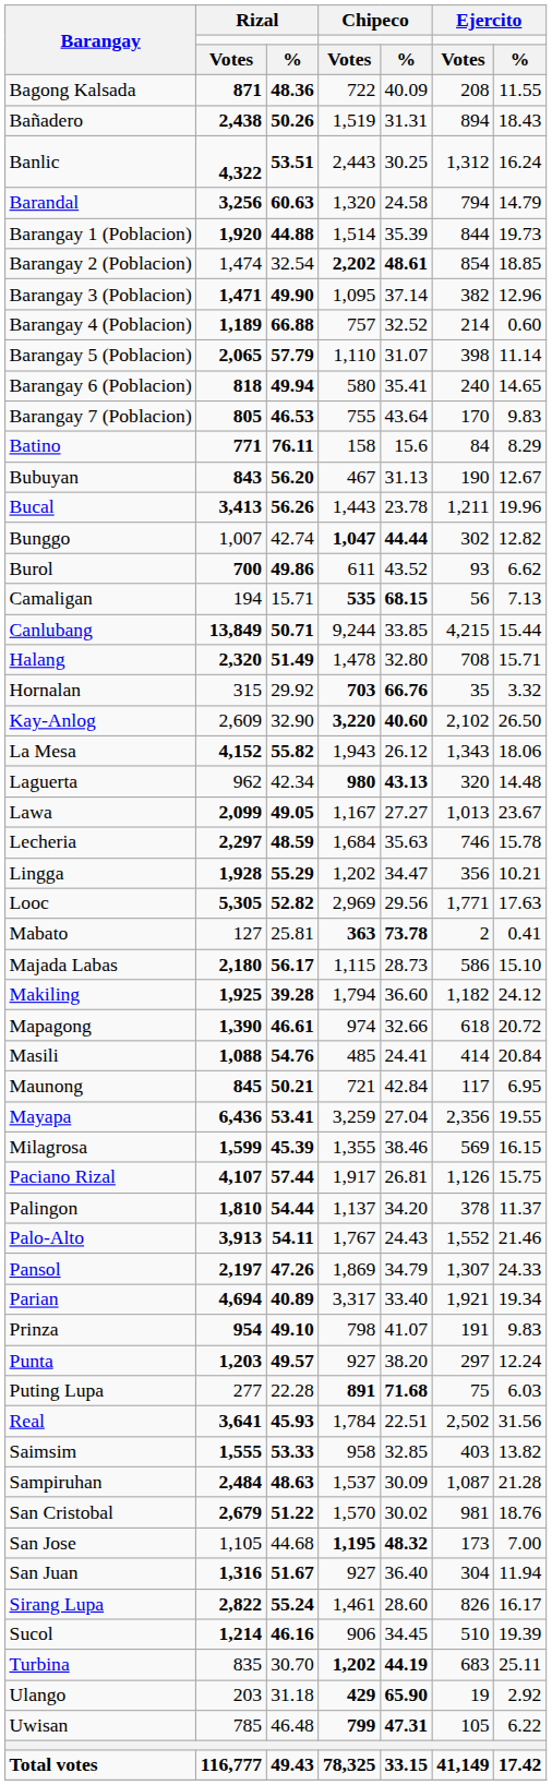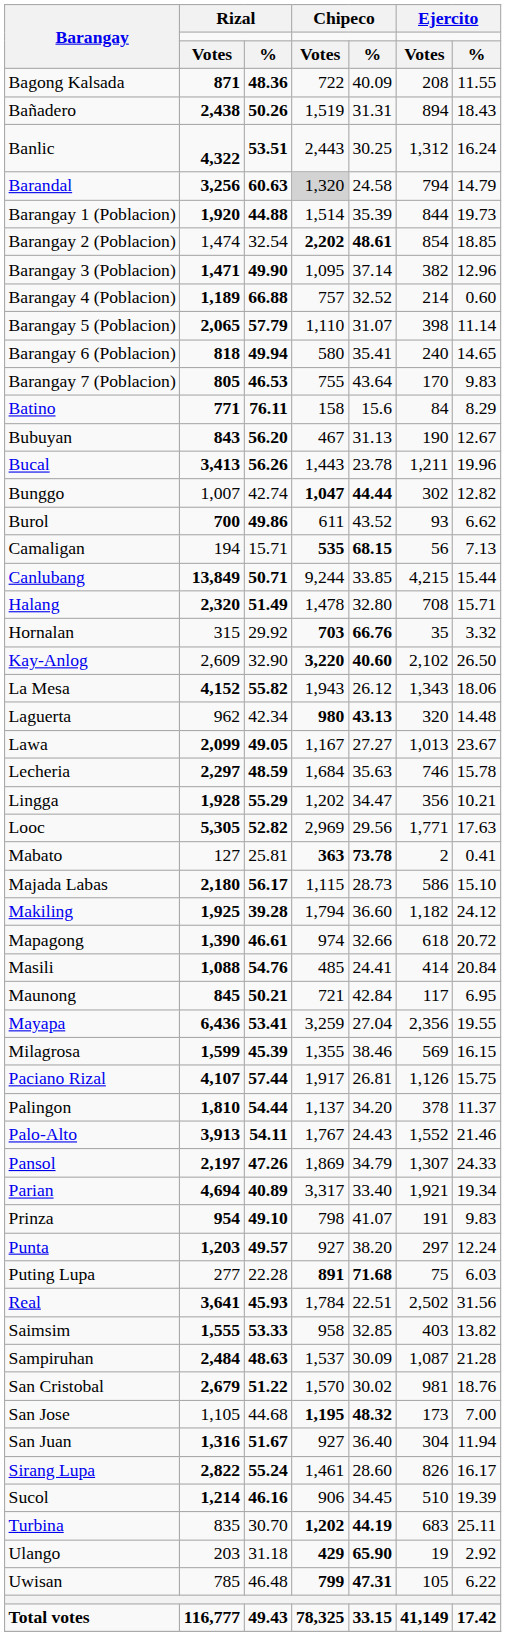 <table class="wikitable" style="text-align:right">
 <tr>
 <th rowspan="3"><a href='#'>Barangay</a></th>
 <th colspan="2">Rizal</th>
 <th colspan="2">Chipeco</th>
 <th colspan="2"><a href='#'>Ejercito</a></th>
 </tr>
 <tr>
 <td colspan="2" style="background:"></td>
 <td colspan="2" style="background:"></td>
 <td colspan="2" style="background:"></td>
 </tr>
 <tr>
 <th>Votes</th>
 <th>%</th>
 <th>Votes</th>
 <th>%</th>
 <th>Votes</th>
 <th>%</th>
 </tr>
 <tr>
 <td align="left">Bagong Kalsada</td>
 <td style="background:"><strong>871</strong></td>
 <td style="background:"><strong>48.36</strong></td>
 <td>722</td>
 <td>40.09</td>
 <td>208</td>
 <td>11.55</td>
 </tr>
 <tr>
 <td align="left">Bañadero</td>
 <td style="background:"><strong>2,438</strong></td>
 <td style="background:"><strong>50.26</strong></td>
 <td>1,519</td>
 <td>31.31</td>
 <td>894</td>
 <td>18.43</td>
 </tr>
 <tr>
 <td align="left">Banlic</td>
 <td style="background:"><br><strong>4,322</strong></td>
 <td style="background:"><strong>53.51</strong></td>
 <td>2,443</td>
 <td>30.25</td>
 <td>1,312</td>
 <td>16.24</td>
 </tr>
 <tr>
 <td align="left"><a href='#'>Barandal</a></td>
 <td style="background:"><strong>3,256</strong></td>
 <td style="background:"><strong>60.63</strong></td>
-<td>1,320</td>
+<td style="background: lightgrey;">1,320</td>
 <td>24.58</td>
 <td>794</td>
 <td>14.79</td>
 </tr>
 <tr>
 <td align="left">Barangay 1 (Poblacion)</td>
 <td style="background:"><strong>1,920</strong></td>
 <td style="background:"><strong>44.88</strong></td>
 <td>1,514</td>
 <td>35.39</td>
 <td>844</td>
 <td>19.73</td>
 </tr>
 <tr>
 <td align="left">Barangay 2 (Poblacion)</td>
 <td>1,474</td>
 <td>32.54</td>
 <td style="background:"><strong>2,202</strong></td>
 <td style="background:"><strong>48.61</strong></td>
 <td>854</td>
 <td>18.85</td>
 </tr>
 <tr>
 <td align="left">Barangay 3 (Poblacion)</td>
 <td style="background:"><strong>1,471</strong></td>
 <td style="background:"><strong>49.90</strong></td>
 <td>1,095</td>
 <td>37.14</td>
 <td>382</td>
 <td>12.96</td>
 </tr>
 <tr>
 <td align="left">Barangay 4 (Poblacion)</td>
 <td style="background:"><strong>1,189</strong></td>
 <td style="background:"><strong>66.88</strong></td>
 <td>757</td>
 <td>32.52</td>
 <td>214</td>
 <td>0.60</td>
 </tr>
 <tr>
 <td align="left">Barangay 5 (Poblacion)</td>
 <td style="background:"><strong>2,065</strong></td>
 <td style="background:"><strong>57.79</strong></td>
 <td>1,110</td>
 <td>31.07</td>
 <td>398</td>
 <td>11.14</td>
 </tr>
 <tr>
 <td align="left">Barangay 6 (Poblacion)</td>
 <td style="background:"><strong>818</strong></td>
 <td style="background:"><strong>49.94</strong></td>
 <td>580</td>
 <td>35.41</td>
 <td>240</td>
 <td>14.65</td>
 </tr>
 <tr>
 <td align="left">Barangay 7 (Poblacion)</td>
 <td style="background:"><strong>805</strong></td>
 <td style="background:"><strong>46.53</strong></td>
 <td>755</td>
 <td>43.64</td>
 <td>170</td>
 <td>9.83</td>
 </tr>
 <tr>
 <td align="left"><a href='#'>Batino</a></td>
 <td style="background:"><strong>771</strong></td>
 <td style="background:"><strong>76.11</strong></td>
 <td>158</td>
 <td>15.6</td>
 <td>84</td>
 <td>8.29</td>
 </tr>
 <tr>
 <td align="left">Bubuyan</td>
 <td style="background:"><strong>843</strong></td>
 <td style="background:"><strong>56.20</strong></td>
 <td>467</td>
 <td>31.13</td>
 <td>190</td>
 <td>12.67</td>
 </tr>
 <tr>
 <td align="left"><a href='#'>Bucal</a></td>
 <td style="background:"><strong>3,413</strong></td>
 <td style="background:"><strong>56.26</strong></td>
 <td>1,443</td>
 <td>23.78</td>
 <td>1,211</td>
 <td>19.96</td>
 </tr>
 <tr>
 <td align="left">Bunggo</td>
 <td>1,007</td>
 <td>42.74</td>
 <td style="background:"><strong>1,047</strong></td>
 <td style="background:"><strong>44.44</strong></td>
 <td>302</td>
 <td>12.82</td>
 </tr>
 <tr>
 <td align="left">Burol</td>
 <td style="background:"><strong>700</strong></td>
 <td style="background:"><strong>49.86</strong></td>
 <td>611</td>
 <td>43.52</td>
 <td>93</td>
 <td>6.62</td>
 </tr>
 <tr>
 <td align="left">Camaligan</td>
 <td>194</td>
 <td>15.71</td>
 <td style="background:"><strong>535</strong></td>
 <td style="background:"><strong>68.15</strong></td>
 <td>56</td>
 <td>7.13</td>
 </tr>
 <tr>
 <td align="left"><a href='#'>Canlubang</a></td>
 <td style="background:"><strong>13,849</strong></td>
 <td style=background:><strong>50.71</strong></td>
 <td>9,244</td>
 <td>33.85</td>
 <td>4,215</td>
 <td>15.44</td>
 </tr>
 <tr>
 <td align="left"><a href='#'>Halang</a></td>
 <td style="background:"><strong>2,320</strong></td>
 <td style="background:"><strong>51.49</strong></td>
 <td>1,478</td>
 <td>32.80</td>
 <td>708</td>
 <td>15.71</td>
 </tr>
 <tr>
 <td align="left">Hornalan</td>
 <td>315</td>
 <td>29.92</td>
 <td style="background:"><strong>703</strong></td>
 <td style="background:"><strong>66.76</strong></td>
 <td>35</td>
 <td>3.32</td>
 </tr>
 <tr>
 <td align="left"><a href='#'>Kay-Anlog</a></td>
 <td>2,609</td>
 <td>32.90</td>
 <td style="background:"><strong>3,220</strong></td>
 <td style="background:"><strong>40.60</strong></td>
 <td>2,102</td>
 <td>26.50</td>
 </tr>
 <tr>
 <td align="left">La Mesa</td>
 <td style="background:"><strong>4,152</strong></td>
 <td style="background:"><strong>55.82</strong></td>
 <td>1,943</td>
 <td>26.12</td>
 <td>1,343</td>
 <td>18.06</td>
 </tr>
 <tr>
 <td align="left">Laguerta</td>
 <td>962</td>
 <td>42.34</td>
 <td style="background:"><strong>980</strong></td>
 <td style="background:"><strong>43.13</strong></td>
 <td>320</td>
 <td>14.48</td>
 </tr>
 <tr>
 <td align="left">Lawa</td>
 <td style="background:"><strong>2,099</strong></td>
 <td style="background:"><strong>49.05</strong></td>
 <td>1,167</td>
 <td>27.27</td>
 <td>1,013</td>
 <td>23.67</td>
 </tr>
 <tr>
 <td align="left">Lecheria</td>
 <td style="background:"><strong>2,297</strong></td>
 <td style="background:"><strong>48.59</strong></td>
 <td>1,684</td>
 <td>35.63</td>
 <td>746</td>
 <td>15.78</td>
 </tr>
 <tr>
 <td align="left">Lingga</td>
 <td style="background:"><strong>1,928</strong></td>
 <td style="background:"><strong>55.29</strong></td>
 <td>1,202</td>
 <td>34.47</td>
 <td>356</td>
 <td>10.21</td>
 </tr>
 <tr>
 <td align="left">Looc</td>
 <td style="background:"><strong>5,305</strong></td>
 <td style="background:"><strong>52.82</strong></td>
 <td>2,969</td>
 <td>29.56</td>
 <td>1,771</td>
 <td>17.63</td>
 </tr>
 <tr>
 <td align="left">Mabato</td>
 <td>127</td>
 <td>25.81</td>
 <td style="background:"><strong>363</strong></td>
 <td style="background:"><strong>73.78</strong></td>
 <td>2</td>
 <td>0.41</td>
 </tr>
 <tr>
 <td align="left">Majada Labas</td>
 <td style="background:"><strong>2,180</strong></td>
 <td style="background:"><strong>56.17</strong></td>
 <td>1,115</td>
 <td>28.73</td>
 <td>586</td>
 <td>15.10</td>
 </tr>
 <tr>
 <td align="left"><a href='#'>Makiling</a></td>
 <td style="background:"><strong>1,925</strong></td>
 <td style="background:"><strong>39.28</strong></td>
 <td>1,794</td>
 <td>36.60</td>
 <td>1,182</td>
 <td>24.12</td>
 </tr>
 <tr>
 <td align="left">Mapagong</td>
 <td style="background:"><strong>1,390</strong></td>
 <td style="background:"><strong>46.61</strong></td>
 <td>974</td>
 <td>32.66</td>
 <td>618</td>
 <td>20.72</td>
 </tr>
 <tr>
 <td align="left">Masili</td>
 <td style="background:"><strong>1,088</strong></td>
 <td style="background:"><strong>54.76</strong></td>
 <td>485</td>
 <td>24.41</td>
 <td>414</td>
 <td>20.84</td>
 </tr>
 <tr>
 <td align="left">Maunong</td>
 <td style="background:"><strong>845</strong></td>
 <td style="background:"><strong>50.21</strong></td>
 <td>721</td>
 <td>42.84</td>
 <td>117</td>
 <td>6.95</td>
 </tr>
 <tr>
 <td align="left"><a href='#'>Mayapa</a></td>
 <td style="background:"><strong>6,436</strong></td>
 <td style="background:"><strong>53.41</strong></td>
 <td>3,259</td>
 <td>27.04</td>
 <td>2,356</td>
 <td>19.55</td>
 </tr>
 <tr>
 <td align="left">Milagrosa</td>
 <td style="background:"><strong>1,599</strong></td>
 <td style="background:"><strong>45.39</strong></td>
 <td>1,355</td>
 <td>38.46</td>
 <td>569</td>
 <td>16.15</td>
 </tr>
 <tr>
 <td align="left"><a href='#'>Paciano Rizal</a></td>
 <td style="background:"><strong>4,107</strong></td>
 <td style="background:"><strong>57.44</strong></td>
 <td>1,917</td>
 <td>26.81</td>
 <td>1,126</td>
 <td>15.75</td>
 </tr>
 <tr>
 <td align="left">Palingon</td>
 <td style="background:"><strong>1,810</strong></td>
 <td style="background:"><strong>54.44</strong></td>
 <td>1,137</td>
 <td>34.20</td>
 <td>378</td>
 <td>11.37</td>
 </tr>
 <tr>
 <td align="left"><a href='#'>Palo-Alto</a></td>
 <td style="background:"><strong>3,913</strong></td>
 <td style="background:"><strong>54.11</strong></td>
 <td>1,767</td>
 <td>24.43</td>
 <td>1,552</td>
 <td>21.46</td>
 </tr>
 <tr>
 <td align="left"><a href='#'>Pansol</a></td>
 <td style="background:"><strong>2,197</strong></td>
 <td style="background:"><strong>47.26</strong></td>
 <td>1,869</td>
 <td>34.79</td>
 <td>1,307</td>
 <td>24.33</td>
 </tr>
 <tr>
 <td align="left"><a href='#'>Parian</a></td>
 <td style="background:"><strong>4,694</strong></td>
 <td style="background:"><strong>40.89</strong></td>
 <td>3,317</td>
 <td>33.40</td>
 <td>1,921</td>
 <td>19.34</td>
 </tr>
 <tr>
 <td align="left">Prinza</td>
 <td style="background:"><strong>954</strong></td>
 <td style="background:"><strong>49.10</strong></td>
 <td>798</td>
 <td>41.07</td>
 <td>191</td>
 <td>9.83</td>
 </tr>
 <tr>
 <td align="left"><a href='#'>Punta</a></td>
 <td style="background:"><strong>1,203</strong></td>
 <td style="background:"><strong>49.57</strong></td>
 <td>927</td>
 <td>38.20</td>
 <td>297</td>
 <td>12.24</td>
 </tr>
 <tr>
 <td align="left">Puting Lupa</td>
 <td>277</td>
 <td>22.28</td>
 <td style="background:"><strong>891</strong></td>
 <td style="background:"><strong>71.68</strong></td>
 <td>75</td>
 <td>6.03</td>
 </tr>
 <tr>
 <td align="left"><a href='#'>Real</a></td>
 <td style="background:"><strong>3,641</strong></td>
 <td style="background:"><strong>45.93</strong></td>
 <td>1,784</td>
 <td>22.51</td>
 <td>2,502</td>
 <td>31.56</td>
 </tr>
 <tr>
 <td align="left">Saimsim</td>
 <td style="background:"><strong>1,555</strong></td>
 <td style="background:"><strong>53.33</strong></td>
 <td>958</td>
 <td>32.85</td>
 <td>403</td>
 <td>13.82</td>
 </tr>
 <tr>
 <td align="left">Sampiruhan</td>
 <td style="background:"><strong>2,484</strong></td>
 <td style="background:"><strong>48.63</strong></td>
 <td>1,537</td>
 <td>30.09</td>
 <td>1,087</td>
 <td>21.28</td>
 </tr>
 <tr>
 <td align="left">San Cristobal</td>
 <td style="background:"><strong>2,679</strong></td>
 <td style="background:"><strong>51.22</strong></td>
 <td>1,570</td>
 <td>30.02</td>
 <td>981</td>
 <td>18.76</td>
 </tr>
 <tr>
 <td align="left">San Jose</td>
 <td>1,105</td>
 <td>44.68</td>
 <td style="background:"><strong>1,195</strong></td>
 <td style="background:"><strong>48.32</strong></td>
 <td>173</td>
 <td>7.00</td>
 </tr>
 <tr>
 <td align="left">San Juan</td>
 <td style="background:"><strong>1,316</strong></td>
 <td style="background:"><strong>51.67</strong></td>
 <td>927</td>
 <td>36.40</td>
 <td>304</td>
 <td>11.94</td>
 </tr>
 <tr>
 <td align="left"><a href='#'>Sirang Lupa</a></td>
 <td style="background:"><strong>2,822</strong></td>
 <td style="background:"><strong>55.24</strong></td>
 <td>1,461</td>
 <td>28.60</td>
 <td>826</td>
 <td>16.17</td>
 </tr>
 <tr>
 <td align="left">Sucol</td>
 <td style="background:"><strong>1,214</strong></td>
 <td style="background:"><strong>46.16</strong></td>
 <td>906</td>
 <td>34.45</td>
 <td>510</td>
 <td>19.39</td>
 </tr>
 <tr>
 <td align="left"><a href='#'>Turbina</a></td>
 <td>835</td>
 <td>30.70</td>
 <td style="background:"><strong>1,202</strong></td>
 <td style="background:"><strong>44.19</strong></td>
 <td>683</td>
 <td>25.11</td>
 </tr>
 <tr>
 <td align="left">Ulango</td>
 <td>203</td>
 <td>31.18</td>
 <td style="background:"><strong>429</strong></td>
 <td style="background:"><strong>65.90</strong></td>
 <td>19</td>
 <td>2.92</td>
 </tr>
 <tr>
 <td align="left">Uwisan</td>
 <td>785</td>
 <td>46.48</td>
 <td style="background:"><strong>799</strong></td>
 <td style="background:"><strong>47.31</strong></td>
 <td>105</td>
 <td>6.22</td>
 </tr>
 <tr>
 <th colspan="7"></th>
 </tr>
 <tr>
 <td align="left"><strong>Total votes</strong></td>
 <td style="background:"><strong>116,777</strong></td>
 <td style="background:"><strong>49.43</strong></td>
 <td><strong>78,325</strong></td>
 <td><strong>33.15</strong></td>
 <td><strong>41,149</strong></td>
 <td><strong>17.42</strong></td>
 </tr>
 <tr>
 </tr>
 </table>
